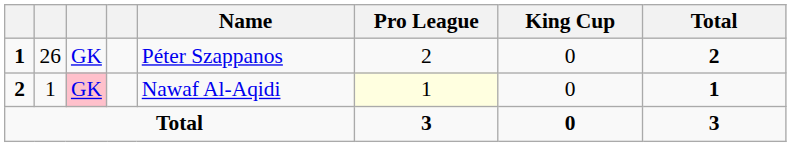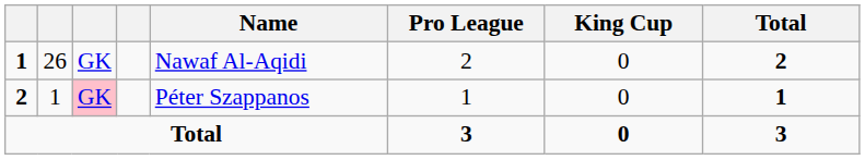 <table class="wikitable" style="text-align:center">
 <tr>
 <th width=15></th>
 <th width=15></th>
 <th width=15></th>
 <th width=15></th>
 <th width=155>Name</th>
 <th width=100>Pro League</th>
 <th width=100>King Cup</th>
 <th width=100>Total</th>
 </tr>
 <tr>
 <td><strong>1</strong></td>
 <td>26</td>
 <td><a href='#'>GK</a></td>
 <td></td>
-<td align=left><a href='#'>Péter Szappanos</a></td>
+<td align=left><a href='#'>Nawaf Al-Aqidi</a></td>
 <td>2</td>
 <td>0</td>
 <td><strong>2</strong></td>
 </tr>
 <tr>
 <td><strong>2</strong></td>
 <td>1</td>
 <td style="background: pink;"><a href='#'>GK</a></td>
 <td></td>
-<td align=left><a href='#'>Nawaf Al-Aqidi</a></td>
-<td style="background: lightyellow;">1</td>
+<td align=left><a href='#'>Péter Szappanos</a></td>
+<td>1</td>
 <td>0</td>
 <td><strong>1</strong></td>
 </tr>
 <tr>
 <td colspan=5><strong>Total</strong></td>
 <td><strong>3</strong></td>
 <td><strong>0</strong></td>
 <td><strong>3</strong></td>
 </tr>
 </table>
